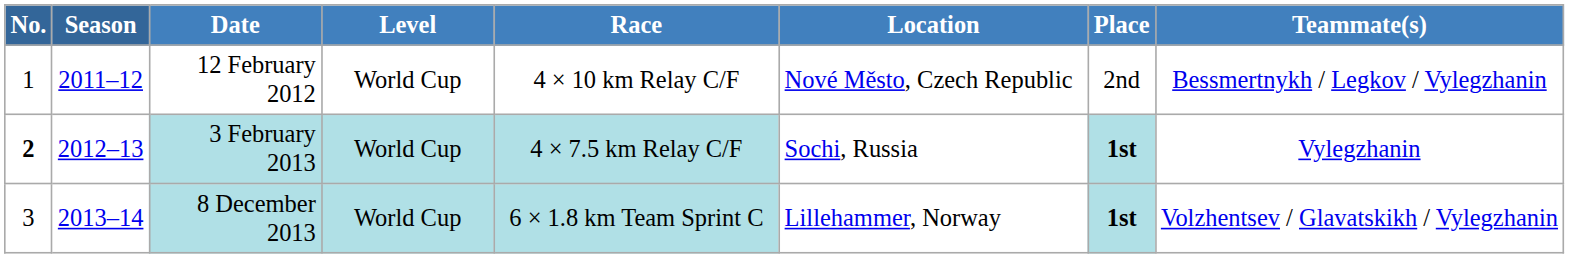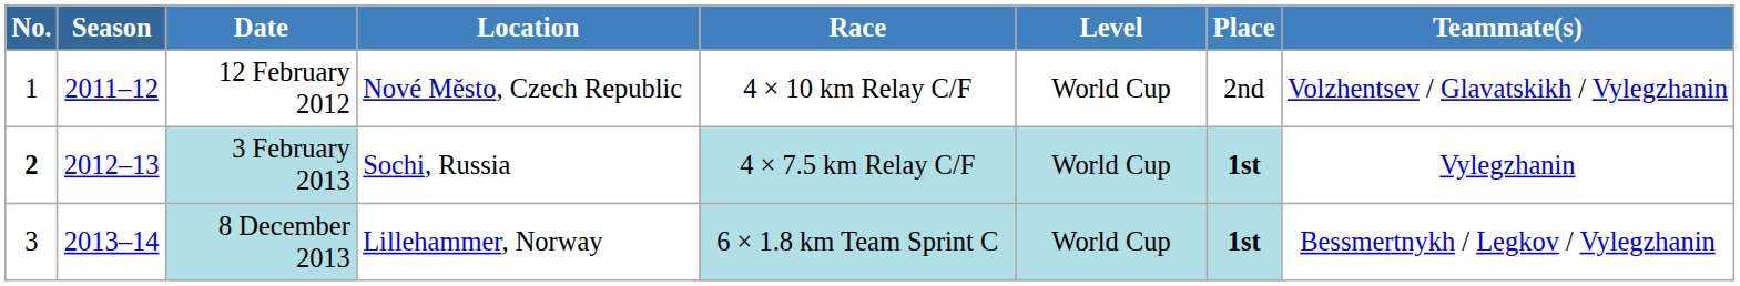 <table class="wikitable sortable" style="font-size:95%; text-align:center; border:grey solid 1px; border-collapse:collapse; background:#ffffff;">
 <tr style="background:#efefef;">
 <th style="background-color:#369; color:white;">No.</th>
 <th style="background-color:#369; color:white;">Season</th>
 <th style="background-color:#4180be; color:white; width:100px;">Date</th>
+<th style="background-color:#4180be; color:white; width:185px;">Location</th>
+<th style="background-color:#4180be; color:white; width:170px;">Race</th>
 <th style="background-color:#4180be; color:white; width:100px;">Level</th>
-<th style="background-color:#4180be; color:white; width:170px;">Race</th>
-<th style="background-color:#4180be; color:white; width:185px;">Location</th>
 <th style="background-color:#4180be; color:white;">Place</th>
 <th style="background-color:#4180be; color:white;">Teammate(s)</th>
 </tr>
 <tr>
 <td align=center>1</td>
 <td rowspan=1align=center><a href='#'>2011–12</a></td>
 <td align=right>12 February 2012</td>
+<td align=left> <a href='#'>Nové Město</a>, Czech Republic</td>
+<td>4 × 10 km Relay C/F</td>
 <td>World Cup</td>
-<td>4 × 10 km Relay C/F</td>
-<td align=left> <a href='#'>Nové Město</a>, Czech Republic</td>
 <td>2nd</td>
-<td><a href='#'>Bessmertnykh</a> / <a href='#'>Legkov</a> / <a href='#'>Vylegzhanin</a></td>
+<td><a href='#'>Volzhentsev</a> / <a href='#'>Glavatskikh</a> / <a href='#'>Vylegzhanin</a></td>
 </tr>
 <tr>
 <td align=center><strong>2</strong></td>
 <td rowspan=1 align=center><a href='#'>2012–13</a></td>
 <td bgcolor="#BOEOE6" align=right>3 February 2013</td>
+<td align=left> <a href='#'>Sochi</a>, Russia</td>
+<td bgcolor="#BOEOE6">4 × 7.5 km Relay C/F</td>
 <td bgcolor="#BOEOE6">World Cup</td>
-<td bgcolor="#BOEOE6">4 × 7.5 km Relay C/F</td>
-<td align=left> <a href='#'>Sochi</a>, Russia</td>
 <td bgcolor="#BOEOE6"><strong>1st</strong></td>
 <td><a href='#'>Vylegzhanin</a></td>
 </tr>
 <tr>
 <td align=center>3</td>
 <td rowspan=1 align=center><a href='#'>2013–14</a></td>
 <td bgcolor="#BOEOE6" align=right>8 December 2013</td>
+<td align=left> <a href='#'>Lillehammer</a>, Norway</td>
+<td bgcolor="#BOEOE6">6 × 1.8 km Team Sprint C</td>
 <td bgcolor="#BOEOE6">World Cup</td>
-<td bgcolor="#BOEOE6">6 × 1.8 km Team Sprint C</td>
-<td align=left> <a href='#'>Lillehammer</a>, Norway</td>
 <td bgcolor="#BOEOE6"><strong>1st</strong></td>
-<td><a href='#'>Volzhentsev</a> / <a href='#'>Glavatskikh</a> / <a href='#'>Vylegzhanin</a></td>
+<td><a href='#'>Bessmertnykh</a> / <a href='#'>Legkov</a> / <a href='#'>Vylegzhanin</a></td>
 </tr>
 </table>
